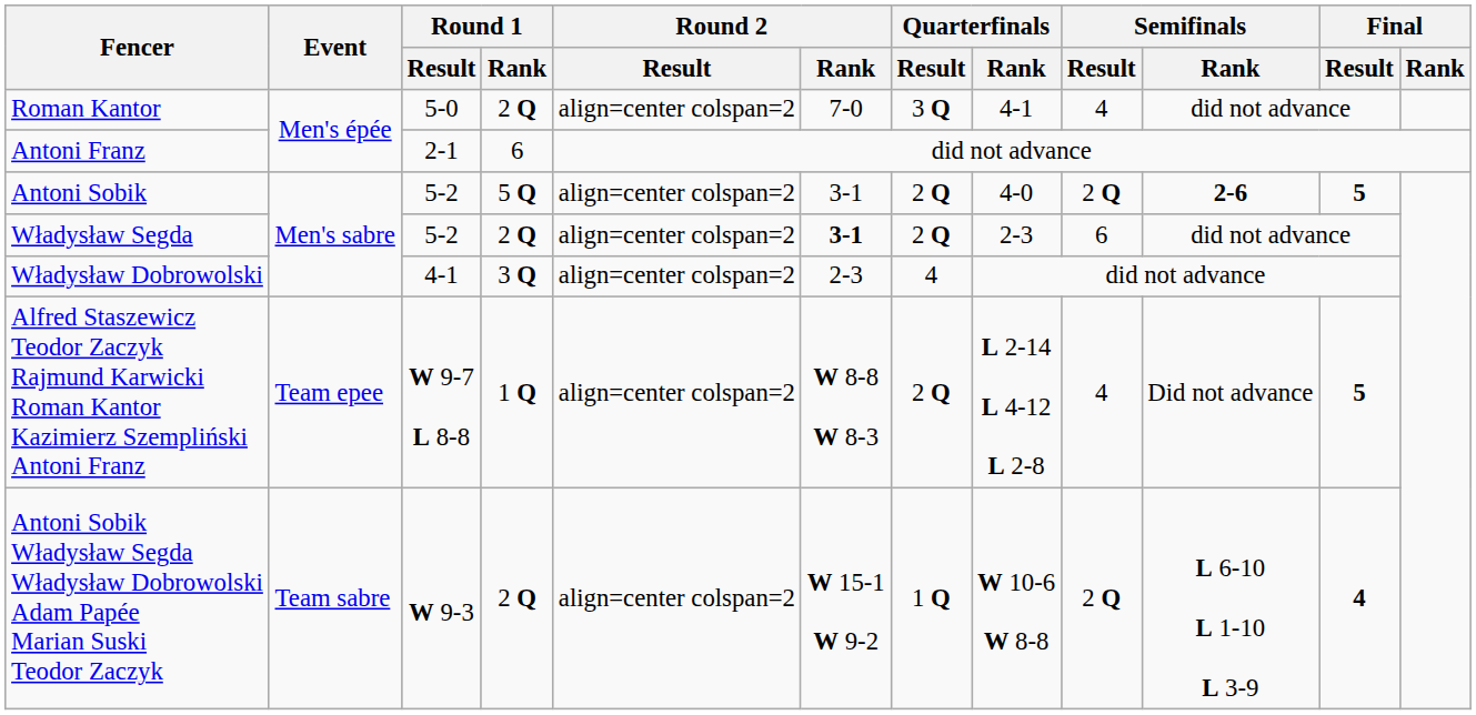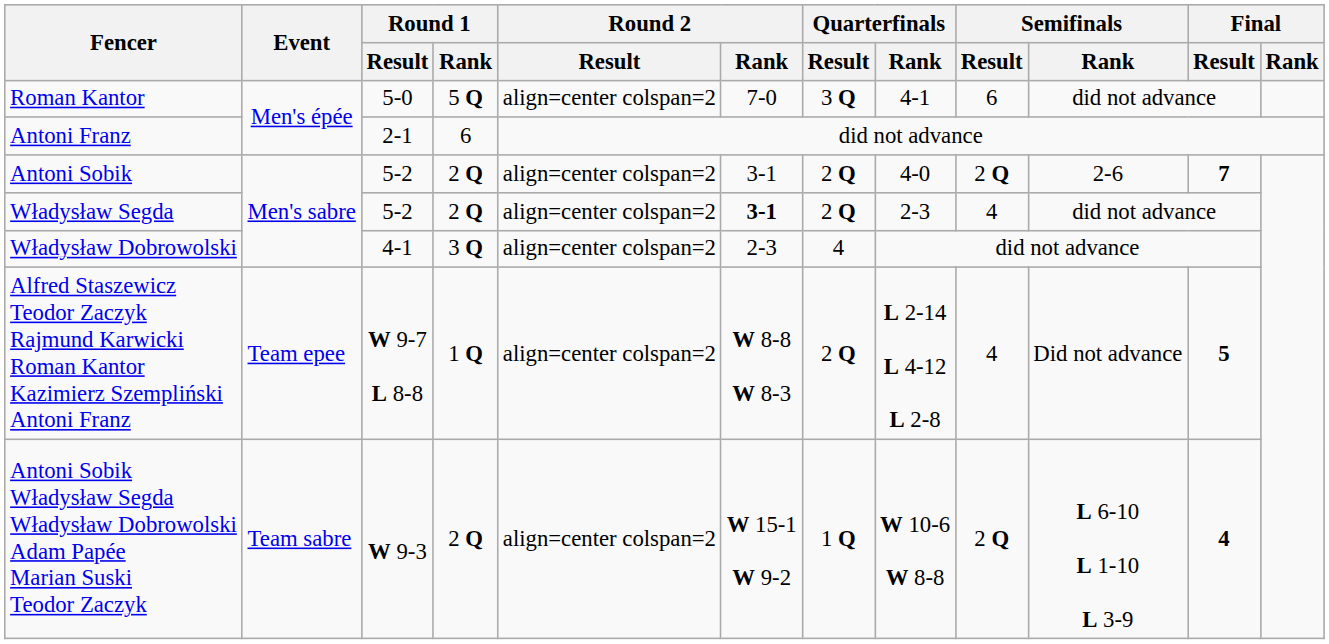 <table class=wikitable style="font-size:90%">
 <tr>
 <th rowspan=2>Fencer</th>
 <th rowspan=2>Event</th>
 <th colspan=2>Round 1</th>
 <th colspan=2>Round 2</th>
 <th colspan=2>Quarterfinals</th>
 <th colspan=2>Semifinals</th>
 <th colspan=2>Final</th>
 </tr>
 <tr>
 <th>Result</th>
 <th>Rank</th>
 <th>Result</th>
 <th>Rank</th>
 <th>Result</th>
 <th>Rank</th>
 <th>Result</th>
 <th>Rank</th>
 <th>Result</th>
 <th>Rank</th>
 </tr>
 <tr>
 <td><a href='#'>Roman Kantor</a></td>
 <td align=center rowspan=2><a href='#'>Men's épée</a></td>
 <td align=center>5-0</td>
-<td align=center>2 <strong>Q</strong></td>
+<td align=center>5 <strong>Q</strong></td>
 <td>align=center colspan=2 </td>
 <td align=center>7-0</td>
 <td align=center>3 <strong>Q</strong></td>
 <td align=center>4-1</td>
-<td align=center>4</td>
+<td align=center>6</td>
 <td align=center colspan=2>did not advance</td>
 </tr>
 <tr>
 <td><a href='#'>Antoni Franz</a></td>
 <td align=center>2-1</td>
 <td align=center>6</td>
 <td align=center colspan=8>did not advance</td>
 </tr>
 <tr>
 <td><a href='#'>Antoni Sobik</a></td>
 <td align=center rowspan=3><a href='#'>Men's sabre</a></td>
 <td align=center>5-2</td>
-<td align=center>5 <strong>Q</strong></td>
+<td align=center>2 <strong>Q</strong></td>
 <td>align=center colspan=2 </td>
 <td align=center>3-1</td>
 <td align=center>2 <strong>Q</strong></td>
 <td align=center>4-0</td>
 <td align=center>2 <strong>Q</strong></td>
-<td align=center><strong>2-6</strong></td>
-<td align=center><strong>5</strong></td>
+<td align=center>2-6</td>
+<td align=center><strong>7</strong></td>
 </tr>
 <tr>
 <td><a href='#'>Władysław Segda</a></td>
 <td align=center>5-2</td>
 <td align=center>2 <strong>Q</strong></td>
 <td>align=center colspan=2 </td>
 <td align=center><strong>3-1</strong></td>
 <td align=center>2 <strong>Q</strong></td>
 <td align=center>2-3</td>
-<td align=center>6</td>
+<td align=center>4</td>
 <td align=center colspan=2>did not advance</td>
 </tr>
 <tr>
 <td><a href='#'>Władysław Dobrowolski</a></td>
 <td align=center>4-1</td>
 <td align=center>3 <strong>Q</strong></td>
 <td>align=center colspan=2 </td>
 <td align=center>2-3</td>
 <td align=center>4</td>
 <td align=center colspan=4>did not advance</td>
 </tr>
 <tr>
 <td><a href='#'>Alfred Staszewicz</a> <br> <a href='#'>Teodor Zaczyk</a> <br> <a href='#'>Rajmund Karwicki</a> <br> <a href='#'>Roman Kantor</a><br> <a href='#'>Kazimierz Szempliński</a> <br> <a href='#'>Antoni Franz</a></td>
 <td><a href='#'>Team epee</a></td>
 <td align=center><br> <strong>W</strong> 9-7<br><br> <strong>L</strong> 8-8</td>
 <td align=center>1 <strong>Q</strong></td>
 <td>align=center colspan=2 </td>
 <td align=center><br> <strong>W</strong> 8-8<br><br> <strong>W</strong> 8-3</td>
 <td align=center>2 <strong>Q</strong></td>
 <td align=center><br> <strong>L</strong> 2-14<br><br> <strong>L</strong> 4-12<br><br> <strong>L</strong> 2-8</td>
 <td align=center>4</td>
 <td align=center>Did not advance</td>
 <td align=center><strong>5</strong></td>
 </tr>
 <tr>
 <td><a href='#'>Antoni Sobik</a> <br> <a href='#'>Władysław Segda</a> <br> <a href='#'>Władysław Dobrowolski</a> <br> <a href='#'>Adam Papée</a> <br> <a href='#'>Marian Suski</a>  <br> <a href='#'>Teodor Zaczyk</a></td>
 <td><a href='#'>Team sabre</a></td>
 <td align=center><br> <strong>W</strong> 9-3</td>
 <td align=center>2 <strong>Q</strong></td>
 <td>align=center colspan=2 </td>
 <td align=center><br> <strong>W</strong> 15-1<br><br> <strong>W</strong> 9-2</td>
 <td align=center>1 <strong>Q</strong></td>
 <td align=center><br> <strong>W</strong> 10-6<br><br> <strong>W</strong> 8-8</td>
 <td align=center>2 <strong>Q</strong></td>
 <td align=center><br><br> <strong>L</strong> 6-10<br><br> <strong>L</strong> 1-10<br><br> <strong>L</strong> 3-9</td>
 <td align=center><strong>4</strong></td>
 </tr>
 </table>
